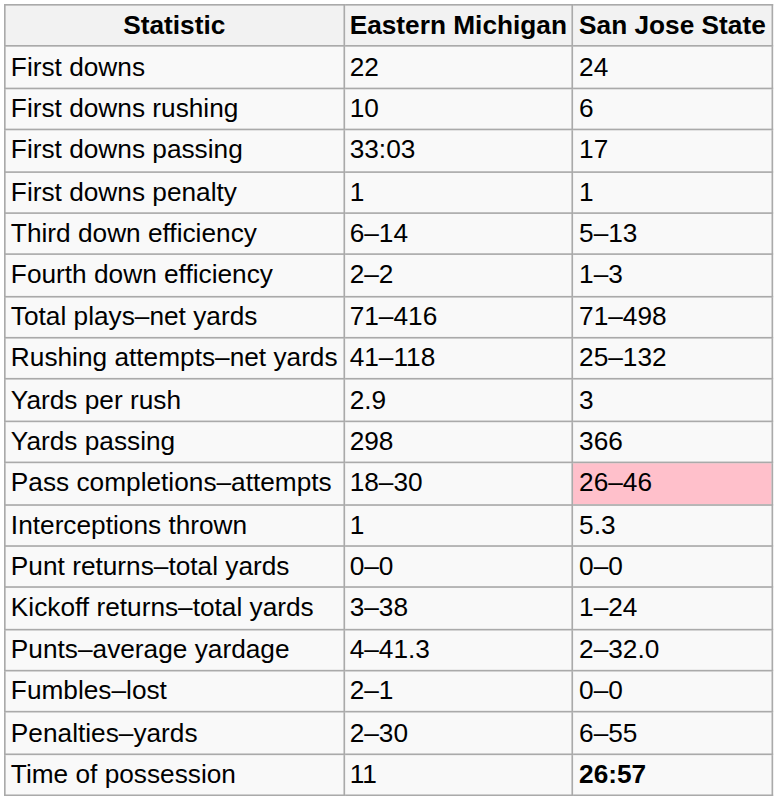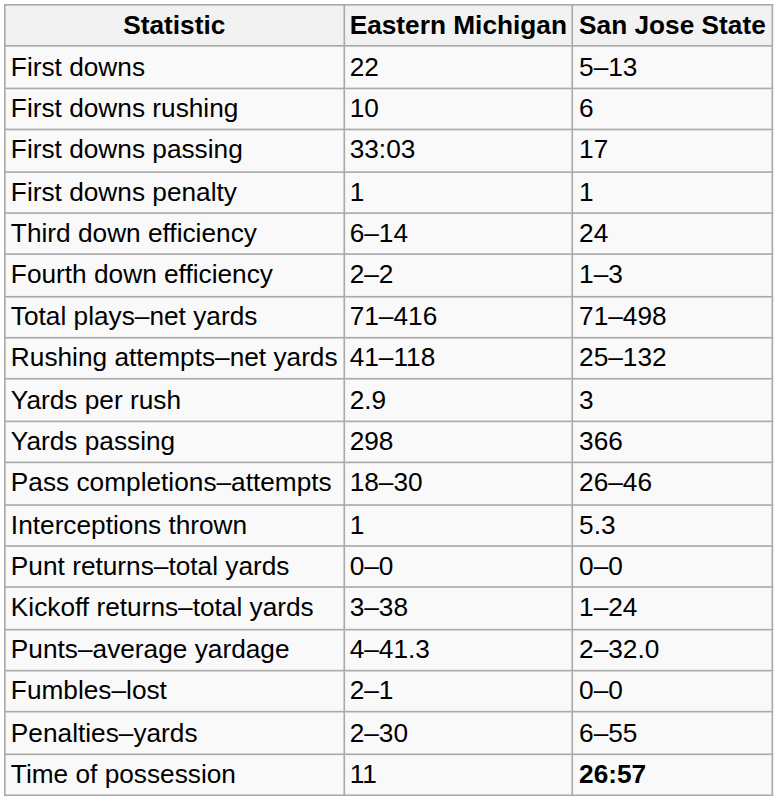 <table class="wikitable">
 <tr>
 <th>Statistic</th>
 <th><strong>Eastern Michigan</strong></th>
 <th><strong>San Jose State</strong></th>
 </tr>
 <tr>
 <td>First downs</td>
 <td>22</td>
-<td>24</td>
+<td>5–13</td>
 </tr>
 <tr>
 <td>First downs rushing</td>
 <td>10</td>
 <td>6</td>
 </tr>
 <tr>
 <td>First downs passing</td>
 <td>33:03</td>
 <td>17</td>
 </tr>
 <tr>
 <td>First downs penalty</td>
 <td>1</td>
 <td>1</td>
 </tr>
 <tr>
 <td>Third down efficiency</td>
 <td>6–14</td>
-<td>5–13</td>
+<td>24</td>
 </tr>
 <tr>
 <td>Fourth down efficiency</td>
 <td>2–2</td>
 <td>1–3</td>
 </tr>
 <tr>
 <td>Total plays–net yards</td>
 <td>71–416</td>
 <td>71–498</td>
 </tr>
 <tr>
 <td>Rushing attempts–net yards</td>
 <td>41–118</td>
 <td>25–132</td>
 </tr>
 <tr>
 <td>Yards per rush</td>
 <td>2.9</td>
 <td>3</td>
 </tr>
 <tr>
 <td>Yards passing</td>
 <td>298</td>
 <td>366</td>
 </tr>
 <tr>
 <td>Pass completions–attempts</td>
 <td>18–30</td>
-<td style="background: pink;">26–46</td>
+<td>26–46</td>
 </tr>
 <tr>
 <td>Interceptions thrown</td>
 <td>1</td>
 <td>5.3</td>
 </tr>
 <tr>
 <td>Punt returns–total yards</td>
 <td>0–0</td>
 <td>0–0</td>
 </tr>
 <tr>
 <td>Kickoff returns–total yards</td>
 <td>3–38</td>
 <td>1–24</td>
 </tr>
 <tr>
 <td>Punts–average yardage</td>
 <td>4–41.3</td>
 <td>2–32.0</td>
 </tr>
 <tr>
 <td>Fumbles–lost</td>
 <td>2–1</td>
 <td>0–0</td>
 </tr>
 <tr>
 <td>Penalties–yards</td>
 <td>2–30</td>
 <td>6–55</td>
 </tr>
 <tr>
 <td>Time of possession</td>
 <td>11</td>
 <td><strong>26:57</strong></td>
 </tr>
 </table>
